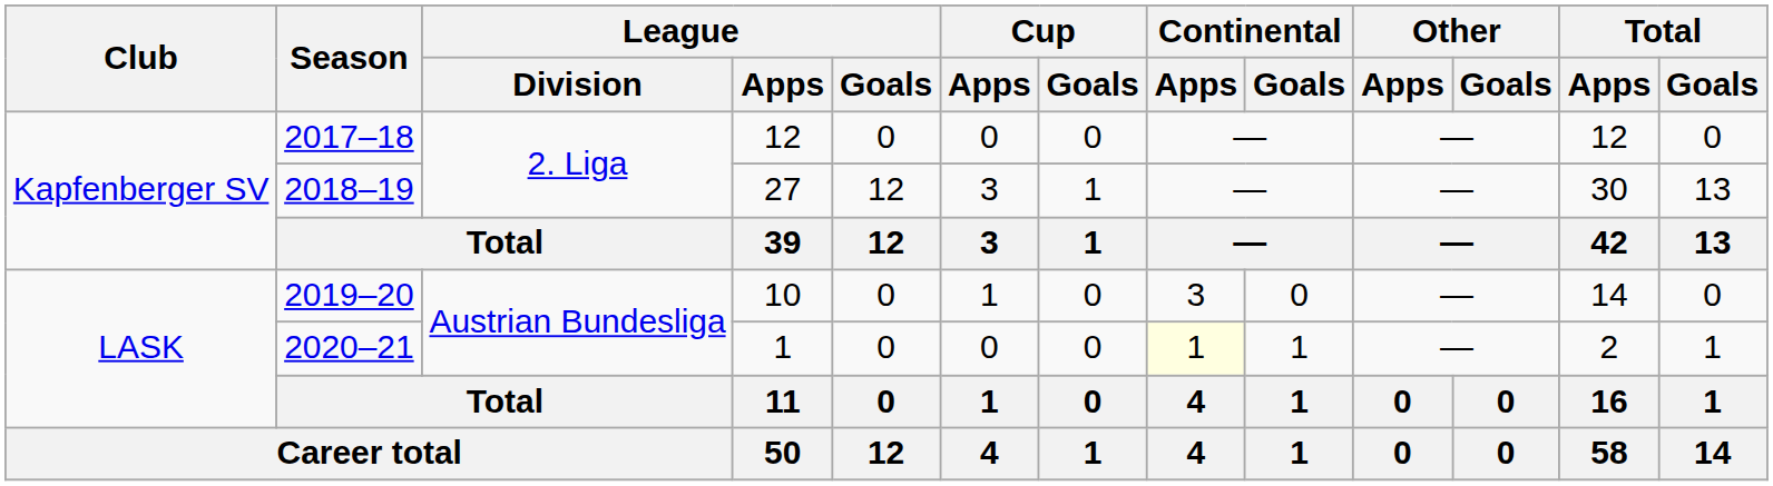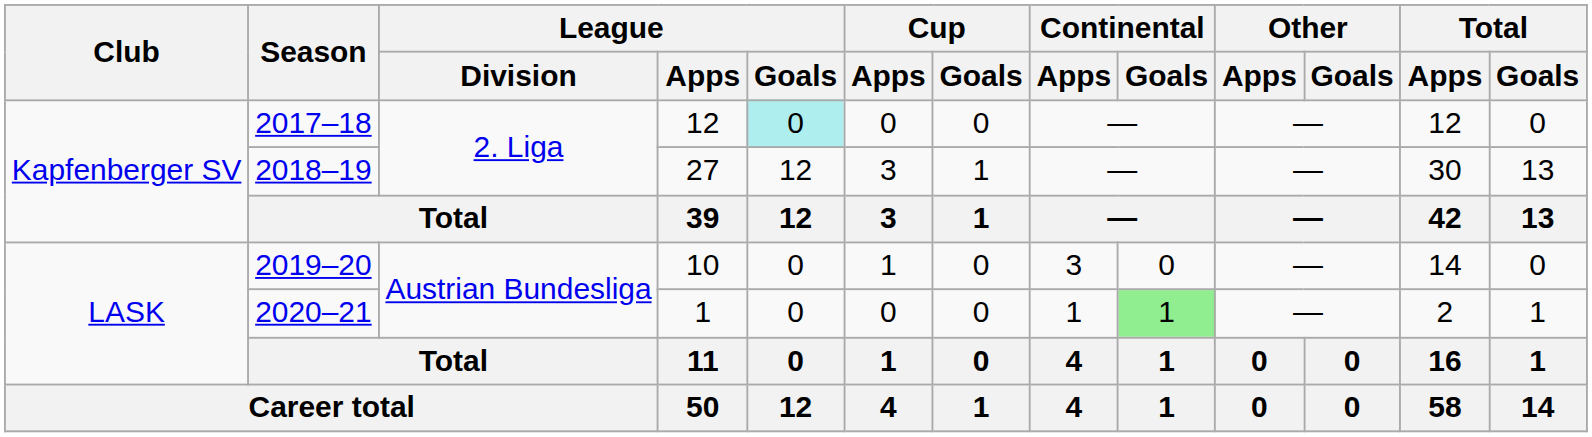 <table class="wikitable" style="text-align: center">
 <tr>
 <th rowspan="2">Club</th>
 <th rowspan="2">Season</th>
 <th colspan="3">League</th>
 <th colspan="2">Cup</th>
 <th colspan="2">Continental</th>
 <th colspan="2">Other</th>
 <th colspan="2">Total</th>
 </tr>
 <tr>
 <th>Division</th>
 <th>Apps</th>
 <th>Goals</th>
 <th>Apps</th>
 <th>Goals</th>
 <th>Apps</th>
 <th>Goals</th>
 <th>Apps</th>
 <th>Goals</th>
 <th>Apps</th>
 <th>Goals</th>
 </tr>
 <tr>
 <td rowspan="3"><a href='#'>Kapfenberger SV</a></td>
 <td><a href='#'>2017–18</a></td>
 <td rowspan="2"><a href='#'>2. Liga</a></td>
 <td>12</td>
-<td>0</td>
+<td style="background: paleturquoise;">0</td>
 <td>0</td>
 <td>0</td>
 <td colspan="2">—</td>
 <td colspan="2">—</td>
 <td>12</td>
 <td>0</td>
 </tr>
 <tr>
 <td><a href='#'>2018–19</a></td>
 <td>27</td>
 <td>12</td>
 <td>3</td>
 <td>1</td>
 <td colspan="2">—</td>
 <td colspan="2">—</td>
 <td>30</td>
 <td>13</td>
 </tr>
 <tr>
 <th colspan="2">Total</th>
 <th>39</th>
 <th>12</th>
 <th>3</th>
 <th>1</th>
 <th colspan="2">—</th>
 <th colspan="2">—</th>
 <th>42</th>
 <th>13</th>
 </tr>
 <tr>
 <td rowspan="3"><a href='#'>LASK</a></td>
 <td><a href='#'>2019–20</a></td>
 <td rowspan="2"><a href='#'>Austrian Bundesliga</a></td>
 <td>10</td>
 <td>0</td>
 <td>1</td>
 <td>0</td>
 <td>3</td>
 <td>0</td>
 <td colspan="2">—</td>
 <td>14</td>
 <td>0</td>
 </tr>
 <tr>
 <td><a href='#'>2020–21</a></td>
 <td>1</td>
 <td>0</td>
 <td>0</td>
 <td>0</td>
-<td style="background: lightyellow;">1</td>
 <td>1</td>
+<td style="background: lightgreen;">1</td>
 <td colspan="2">—</td>
 <td>2</td>
 <td>1</td>
 </tr>
 <tr>
 <th colspan="2">Total</th>
 <th>11</th>
 <th>0</th>
 <th>1</th>
 <th>0</th>
 <th>4</th>
 <th>1</th>
 <th>0</th>
 <th>0</th>
 <th>16</th>
 <th>1</th>
 </tr>
 <tr>
 <th colspan="3">Career total</th>
 <th>50</th>
 <th>12</th>
 <th>4</th>
 <th>1</th>
 <th>4</th>
 <th>1</th>
 <th>0</th>
 <th>0</th>
 <th>58</th>
 <th>14</th>
 </tr>
 </table>
